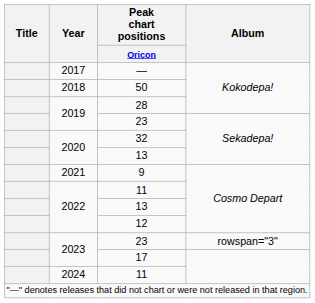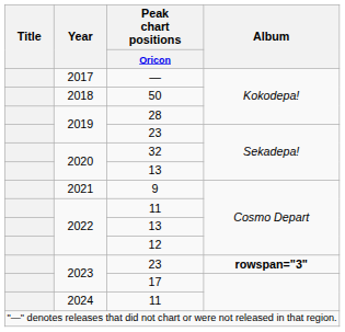 <table class="wikitable plainrowheaders" style="text-align:center;">
 <tr>
 <th scope="col" rowspan="2">Title</th>
 <th scope="col" rowspan="2">Year</th>
 <th scope="col" colspan="1">Peak <br> chart <br> positions</th>
 <th scope="col" rowspan="2">Album</th>
 </tr>
 <tr>
 <th scope="col" colspan="1"><small><a href='#'>Oricon</a></small><br></th>
 </tr>
 <tr>
 <th scope="row"></th>
 <td>2017</td>
 <td>—</td>
 <td rowspan="3"><em>Kokodepa!</em></td>
 </tr>
 <tr>
 <th scope="row"></th>
 <td>2018</td>
 <td>50</td>
 </tr>
 <tr>
 <th scope="row"></th>
 <td rowspan="2">2019</td>
 <td>28</td>
 </tr>
 <tr>
 <th scope="row"></th>
 <td>23</td>
 <td rowspan="3"><em>Sekadepa!</em></td>
 </tr>
 <tr>
 <th scope="row"></th>
 <td rowspan="2">2020</td>
 <td>32</td>
 </tr>
 <tr>
 <th scope="row"></th>
 <td>13</td>
 </tr>
 <tr>
 <th scope="row"></th>
 <td>2021</td>
 <td>9</td>
 <td rowspan="4"><em>Cosmo Depart</em></td>
 </tr>
 <tr>
 <th scope="row"></th>
 <td rowspan="3">2022</td>
 <td>11</td>
 </tr>
 <tr>
 <th scope="row"></th>
 <td>13</td>
 </tr>
 <tr>
 <th scope="row"></th>
 <td>12</td>
 </tr>
 <tr>
 <th scope="row"></th>
 <td rowspan="2">2023</td>
 <td>23</td>
-<td>rowspan="3" </td>
+<td><strong>rowspan="3" </strong></td>
 </tr>
 <tr>
 <th scope="row"></th>
 <td>17</td>
 </tr>
 <tr>
 <th scope="row"></th>
 <td>2024</td>
 <td>11</td>
 </tr>
 <tr>
 <td colspan="4" style="font-size:85%">"—" denotes releases that did not chart or were not released in that region.</td>
 </tr>
 </table>
